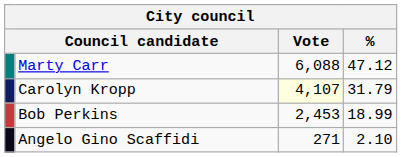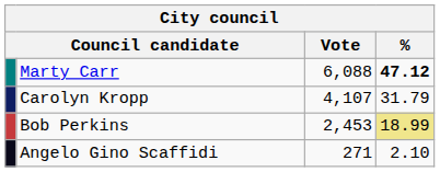 <table class="wikitable">
 <tr>
 <th colspan="4">City council</th>
 </tr>
 <tr>
 <th bgcolor="#DDDDFF" width="230px" colspan="2">Council candidate</th>
 <th bgcolor="#DDDDFF" width="50px">Vote</th>
 <th bgcolor="#DDDDFF" width="30px">%</th>
 </tr>
 <tr>
 <td style="background-color:#008080;"></td>
 <td style="text-align:left;"><a href='#'>Marty Carr</a></td>
 <td style="text-align:right;">6,088</td>
-<td style="text-align:right;">47.12</td>
+<td style="text-align:right;"><strong>47.12</strong></td>
 </tr>
 <tr>
 <td style="background-color:#0E1D62;"></td>
 <td style="text-align:left;">Carolyn Kropp</td>
-<td style="background: lightyellow; text-align:right;">4,107</td>
+<td style="text-align:right;">4,107</td>
 <td style="text-align:right;">31.79</td>
 </tr>
 <tr>
 <td style="background-color:#c63a3d;"></td>
 <td style="text-align:left;">Bob Perkins</td>
 <td style="text-align:right;">2,453</td>
-<td style="text-align:right;">18.99</td>
+<td style="background: khaki; text-align:right;">18.99</td>
 </tr>
 <tr>
 <td style="background-color:#09081a;"></td>
 <td style="text-align:left;">Angelo Gino Scaffidi</td>
 <td style="text-align:right;">271</td>
 <td style="text-align:right;">2.10</td>
 </tr>
 </table>
